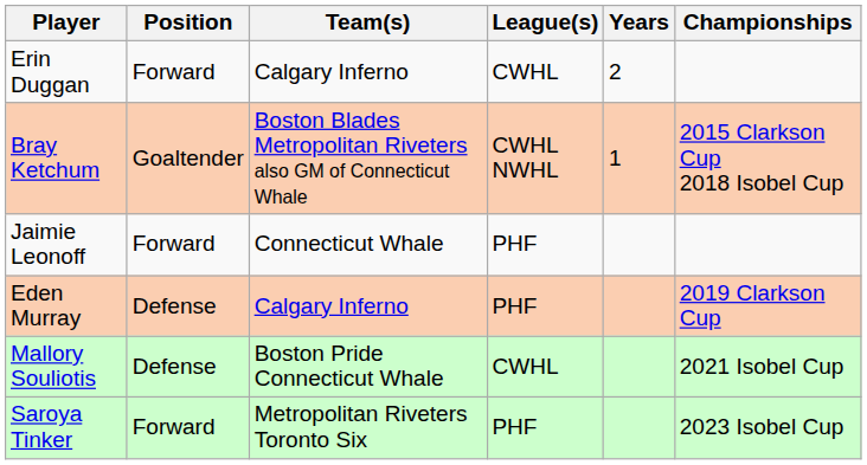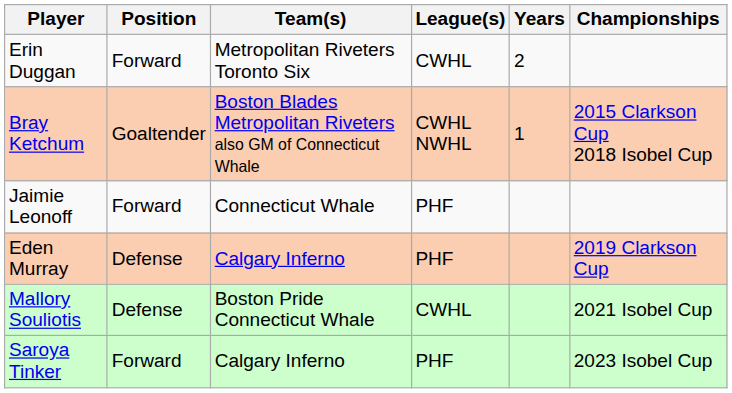 <table class="wikitable sortable">
 <tr>
 <th>Player</th>
 <th>Position</th>
 <th>Team(s)</th>
 <th>League(s)</th>
 <th>Years</th>
 <th>Championships</th>
 </tr>
 <tr bgcolor=>
 <td>Erin Duggan</td>
 <td>Forward</td>
-<td>Calgary Inferno</td>
+<td>Metropolitan Riveters<br>Toronto Six</td>
 <td>CWHL</td>
 <td>2</td>
 <td></td>
 </tr>
 <tr bgcolor=FBCEB1>
 <td><a href='#'>Bray Ketchum</a></td>
 <td>Goaltender</td>
 <td><a href='#'>Boston Blades</a><br><a href='#'>Metropolitan Riveters</a> <small>also GM of Connecticut Whale</small></td>
 <td>CWHL<br>NWHL</td>
 <td>1</td>
 <td><a href='#'>2015 Clarkson Cup</a><br>2018 Isobel Cup</td>
 </tr>
 <tr bgcolor=>
 <td>Jaimie Leonoff</td>
 <td>Forward</td>
 <td>Connecticut Whale</td>
 <td>PHF</td>
 <td></td>
 <td></td>
 </tr>
 <tr bgcolor=FBCEB1>
 <td>Eden Murray</td>
 <td>Defense</td>
 <td><a href='#'>Calgary Inferno</a></td>
 <td>PHF</td>
 <td></td>
 <td><a href='#'>2019 Clarkson Cup</a></td>
 </tr>
 <tr bgcolor= CCFFCC>
 <td><a href='#'>Mallory Souliotis</a></td>
 <td>Defense</td>
 <td>Boston Pride<br>Connecticut Whale</td>
 <td>CWHL</td>
 <td></td>
 <td>2021 Isobel Cup</td>
 </tr>
 <tr bgcolor= CCFFCC>
 <td><a href='#'>Saroya Tinker</a></td>
 <td>Forward</td>
-<td>Metropolitan Riveters<br>Toronto Six</td>
+<td>Calgary Inferno</td>
 <td>PHF</td>
 <td></td>
 <td>2023 Isobel Cup</td>
 </tr>
 </table>
